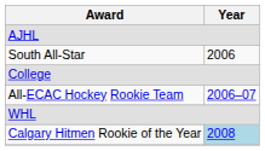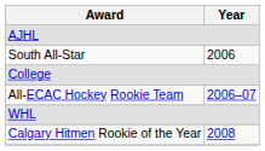 <table class="wikitable">
 <tr>
 <th>Award</th>
 <th>Year</th>
 </tr>
 <tr bgcolor="#e0e0e0">
 <td colspan="3"><a href='#'>AJHL</a></td>
 </tr>
 <tr>
 <td>South All-Star</td>
 <td>2006</td>
 </tr>
 <tr bgcolor="#e0e0e0">
 <td colspan="3"><a href='#'>College</a></td>
 </tr>
 <tr>
 <td>All-<a href='#'>ECAC Hockey</a> <a href='#'>Rookie Team</a></td>
 <td><a href='#'>2006–07</a></td>
 </tr>
 <tr bgcolor="#e0e0e0">
 <td colspan="3"><a href='#'>WHL</a></td>
 </tr>
 <tr>
 <td><a href='#'>Calgary Hitmen</a> Rookie of the Year</td>
-<td style="background: lightblue;"><a href='#'>2008</a></td>
+<td><a href='#'>2008</a></td>
 </tr>
 <tr>
 </tr>
 </table>
